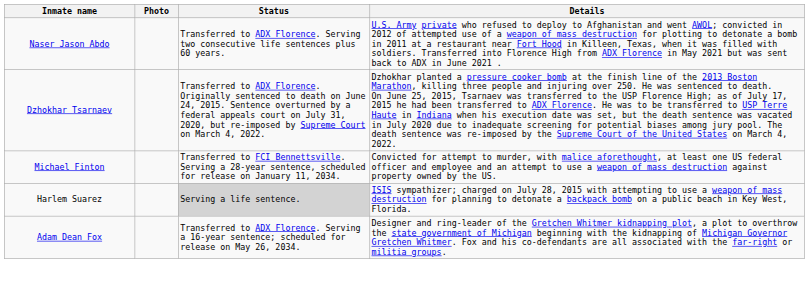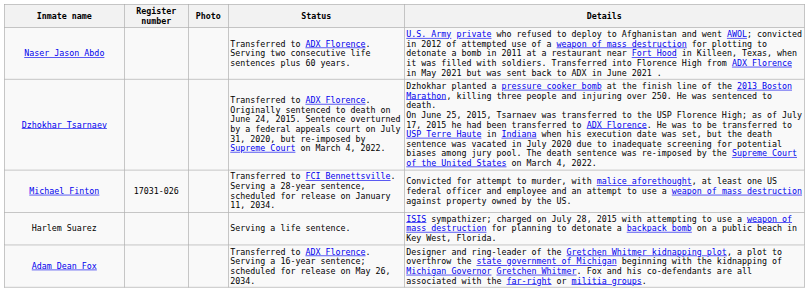 <table class="wikitable sortable">
 <tr>
 <th width=15%>Inmate name</th>
+<th width=8%>Register number</th>
 <th width=5%>Photo</th>
 <th width=22%>Status</th>
 <th width=50%>Details</th>
 </tr>
 <tr>
 <td style="text-align:center;"><a href='#'>Naser Jason Abdo</a></td>
+<td style="text-align:center;"> </td>
 <td style="text-align:center;"></td>
 <td>Transferred to <a href='#'>ADX Florence</a>. Serving two consecutive life sentences plus 60 years.</td>
 <td><a href='#'>U.S. Army</a> <a href='#'>private</a> who refused to deploy to Afghanistan and went <a href='#'>AWOL</a>; convicted in 2012 of attempted use of a <a href='#'>weapon of mass destruction</a> for plotting to detonate a bomb in 2011 at a restaurant near <a href='#'>Fort Hood</a> in Killeen, Texas, when it was filled with soldiers. Transferred into Florence High from <a href='#'>ADX Florence</a> in May 2021 but was sent back to ADX in June 2021 .</td>
 </tr>
 <tr>
 <td style="text-align:center;"><a href='#'>Dzhokhar Tsarnaev</a></td>
 <td style="text-align:center;"></td>
+<td style="text-align:center;"></td>
 <td>Transferred to <a href='#'>ADX Florence</a>. Originally sentenced to death on June 24, 2015. Sentence overturned by a federal appeals court on July 31, 2020, but re-imposed by <a href='#'>Supreme Court</a> on March 4, 2022.</td>
 <td>Dzhokhar planted a <a href='#'>pressure cooker bomb</a> at the finish line of the <a href='#'>2013 Boston Marathon</a>, killing three people and injuring over 250. He was sentenced to death.<br>On June 25, 2015, Tsarnaev was transferred to the USP Florence High; as of July 17, 2015 he had been transferred to <a href='#'>ADX Florence</a>. He was to be transferred to <a href='#'>USP Terre Haute</a> in <a href='#'>Indiana</a> when his execution date was set, but the death sentence was vacated in July 2020 due to inadequate screening for potential biases among jury pool. The death sentence was re-imposed by the <a href='#'>Supreme Court of the United States</a> on March 4, 2022.</td>
 </tr>
 <tr>
 <td style="text-align:center;"><a href='#'>Michael Finton</a></td>
+<td style="text-align:center;">17031-026</td>
 <td></td>
 <td>Transferred to <a href='#'>FCI Bennettsville</a>. Serving a 28-year sentence, scheduled for release on January 11, 2034.</td>
 <td>Convicted for attempt to murder, with <a href='#'>malice aforethought</a>, at least one US federal officer and employee and an attempt to use a <a href='#'>weapon of mass destruction</a> against property owned by the US.</td>
 </tr>
 <tr>
 <td style="text-align:center;">Harlem Suarez</td>
 <td style="text-align:center;"></td>
-<td style="background: lightgrey;">Serving a life sentence.</td>
+<td style="text-align:center;"></td>
+<td>Serving a life sentence.</td>
 <td><a href='#'>ISIS</a> sympathizer; charged on July 28, 2015 with attempting to use a <a href='#'>weapon of mass destruction</a> for planning to detonate a <a href='#'>backpack bomb</a> on a public beach in Key West, Florida.</td>
 </tr>
 <tr>
 <td style="text-align:center;"><a href='#'>Adam Dean Fox</a></td>
+<td style="text-align:center;"></td>
 <td></td>
 <td>Transferred to <a href='#'>ADX Florence</a>. Serving a 16-year sentence; scheduled for release on May 26, 2034.</td>
 <td>Designer and ring-leader of the <a href='#'>Gretchen Whitmer kidnapping plot</a>, a plot to overthrow the <a href='#'>state government of Michigan</a> beginning with the kidnapping of <a href='#'>Michigan Governor</a> <a href='#'>Gretchen Whitmer</a>. Fox and his co-defendants are all associated with the <a href='#'>far-right</a> or <a href='#'>militia groups</a>.</td>
 </tr>
 </table>
